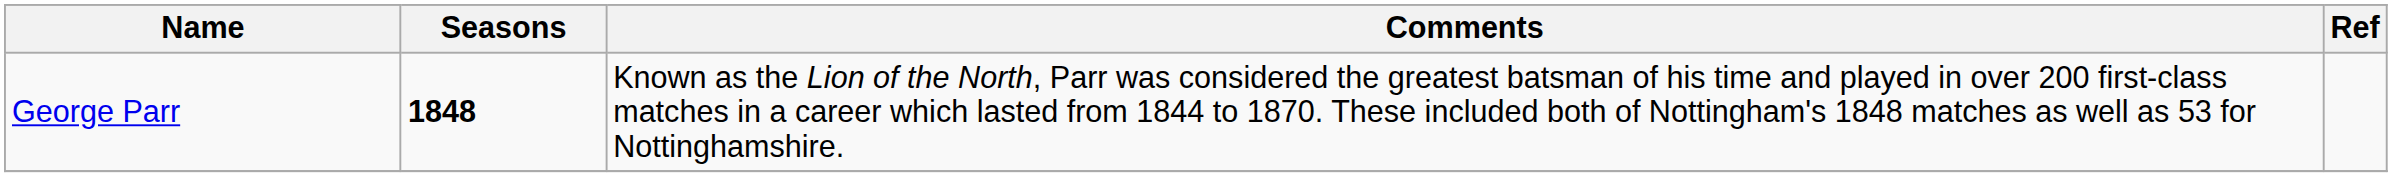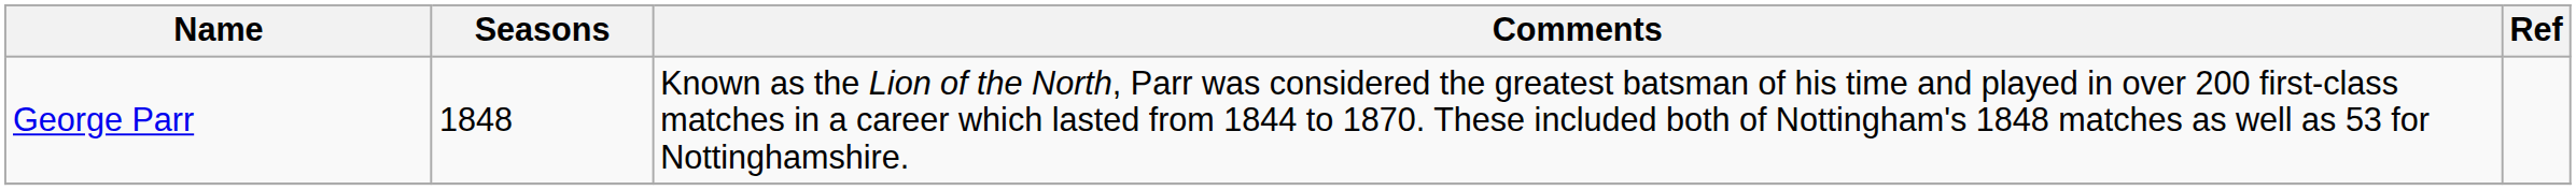 <table class="wikitable">
 <tr>
 <th style="width:200px">Name</th>
 <th style="width: 100px">Seasons</th>
 <th>Comments</th>
 <th>Ref</th>
 </tr>
 <tr>
 <td><a href='#'>George Parr</a></td>
-<td><strong>1848</strong></td>
+<td>1848</td>
 <td>Known as the <em>Lion of the North</em>, Parr was considered the greatest batsman of his time and played in over 200 first-class matches in a career which lasted from 1844 to 1870. These included both of Nottingham's 1848 matches as well as 53 for Nottinghamshire.</td>
 <td></td>
 </tr>
 <tr>
 </tr>
 </table>
